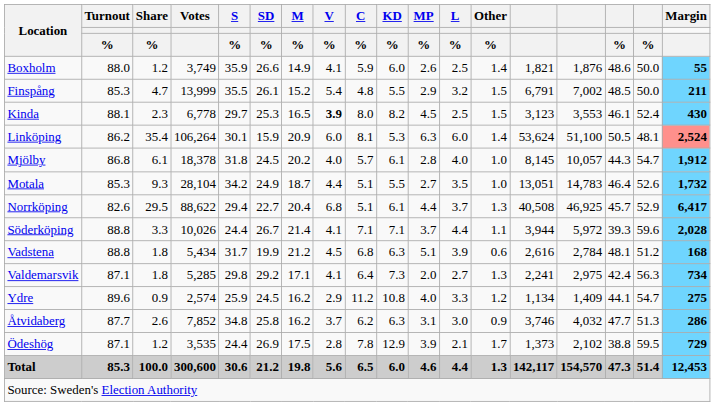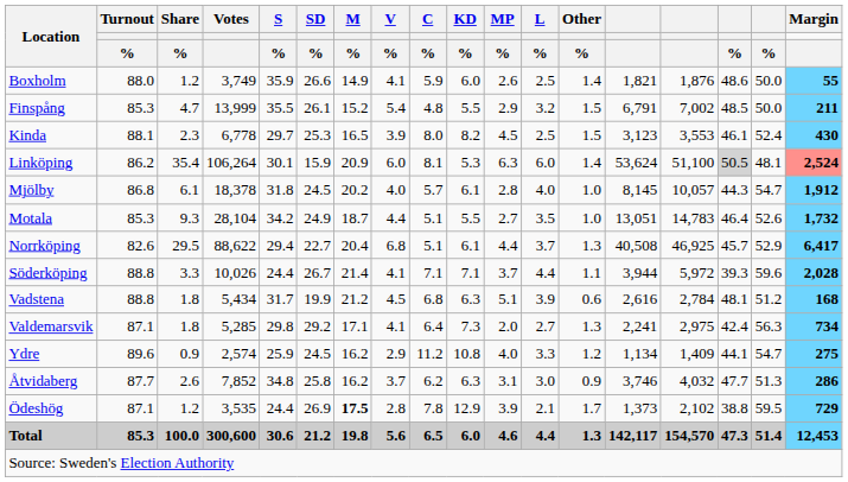 <table class="wikitable sortable" style="text-align:right; font-size:95%; line-height:20px;">
 <tr>
 <th rowspan="3">Location</th>
 <th>Turnout</th>
 <th>Share</th>
 <th>Votes</th>
 <th width="30px" class="unsortable"><a href='#'>S</a></th>
 <th width="30px" class="unsortable"><a href='#'>SD</a></th>
 <th width="30px" class="unsortable"><a href='#'>M</a></th>
 <th width="30px" class="unsortable"><a href='#'>V</a></th>
 <th width="30px" class="unsortable"><a href='#'>C</a></th>
 <th width="30px" class="unsortable"><a href='#'>KD</a></th>
 <th width="30px" class="unsortable"><a href='#'>MP</a></th>
 <th width="30px" class="unsortable"><a href='#'>L</a></th>
 <th width="30px" class="unsortable">Other</th>
 <th></th>
 <th></th>
 <th></th>
 <th></th>
 <th>Margin</th>
 </tr>
 <tr>
 <th></th>
 <th></th>
 <th></th>
 <th style="background:"></th>
 <th style="background:"></th>
 <th style="background:"></th>
 <th style="background:"></th>
 <th style="background:"></th>
 <th style="background:"></th>
 <th style="background:"></th>
 <th style="background:"></th>
 <th style="background:"></th>
 <th style="background:"></th>
 <th style="background:"></th>
 <th style="background:"></th>
 <th style="background:"></th>
 </tr>
 <tr>
 <th data-sort-type="number">%</th>
 <th data-sort-type="number">%</th>
 <th></th>
 <th data-sort-type="number">%</th>
 <th data-sort-type="number">%</th>
 <th data-sort-type="number">%</th>
 <th data-sort-type="number">%</th>
 <th data-sort-type="number">%</th>
 <th data-sort-type="number">%</th>
 <th data-sort-type="number">%</th>
 <th data-sort-type="number">%</th>
 <th data-sort-type="number">%</th>
 <th></th>
 <th></th>
 <th data-sort-type="number">%</th>
 <th data-sort-type="number">%</th>
 <th data-sort-type="number"></th>
 </tr>
 <tr>
 <td align="left"><a href='#'>Boxholm</a></td>
 <td>88.0</td>
 <td>1.2</td>
 <td>3,749</td>
 <td>35.9</td>
 <td>26.6</td>
 <td>14.9</td>
 <td>4.1</td>
 <td>5.9</td>
 <td>6.0</td>
 <td>2.6</td>
 <td>2.5</td>
 <td>1.4</td>
 <td>1,821</td>
 <td>1,876</td>
 <td>48.6</td>
 <td>50.0</td>
 <td bgcolor=#6fd5fe><strong>55</strong></td>
 </tr>
 <tr>
 <td align="left"><a href='#'>Finspång</a></td>
 <td>85.3</td>
 <td>4.7</td>
 <td>13,999</td>
 <td>35.5</td>
 <td>26.1</td>
 <td>15.2</td>
 <td>5.4</td>
 <td>4.8</td>
 <td>5.5</td>
 <td>2.9</td>
 <td>3.2</td>
 <td>1.5</td>
 <td>6,791</td>
 <td>7,002</td>
 <td>48.5</td>
 <td>50.0</td>
 <td bgcolor=#6fd5fe><strong>211</strong></td>
 </tr>
 <tr>
 <td align="left"><a href='#'>Kinda</a></td>
 <td>88.1</td>
 <td>2.3</td>
 <td>6,778</td>
 <td>29.7</td>
 <td>25.3</td>
 <td>16.5</td>
-<td><strong>3.9</strong></td>
+<td>3.9</td>
 <td>8.0</td>
 <td>8.2</td>
 <td>4.5</td>
 <td>2.5</td>
 <td>1.5</td>
 <td>3,123</td>
 <td>3,553</td>
 <td>46.1</td>
 <td>52.4</td>
 <td bgcolor=#6fd5fe><strong>430</strong></td>
 </tr>
 <tr>
 <td align="left"><a href='#'>Linköping</a></td>
 <td>86.2</td>
 <td>35.4</td>
 <td>106,264</td>
 <td>30.1</td>
 <td>15.9</td>
 <td>20.9</td>
 <td>6.0</td>
 <td>8.1</td>
 <td>5.3</td>
 <td>6.3</td>
 <td>6.0</td>
 <td>1.4</td>
 <td>53,624</td>
 <td>51,100</td>
-<td>50.5</td>
+<td style="background: lightgrey;">50.5</td>
 <td>48.1</td>
 <td bgcolor=#ff908c><strong>2,524</strong></td>
 </tr>
 <tr>
 <td align="left"><a href='#'>Mjölby</a></td>
 <td>86.8</td>
 <td>6.1</td>
 <td>18,378</td>
 <td>31.8</td>
 <td>24.5</td>
 <td>20.2</td>
 <td>4.0</td>
 <td>5.7</td>
 <td>6.1</td>
 <td>2.8</td>
 <td>4.0</td>
 <td>1.0</td>
 <td>8,145</td>
 <td>10,057</td>
 <td>44.3</td>
 <td>54.7</td>
 <td bgcolor=#6fd5fe><strong>1,912</strong></td>
 </tr>
 <tr>
 <td align="left"><a href='#'>Motala</a></td>
 <td>85.3</td>
 <td>9.3</td>
 <td>28,104</td>
 <td>34.2</td>
 <td>24.9</td>
 <td>18.7</td>
 <td>4.4</td>
 <td>5.1</td>
 <td>5.5</td>
 <td>2.7</td>
 <td>3.5</td>
 <td>1.0</td>
 <td>13,051</td>
 <td>14,783</td>
 <td>46.4</td>
 <td>52.6</td>
 <td bgcolor=#6fd5fe><strong>1,732</strong></td>
 </tr>
 <tr>
 <td align="left"><a href='#'>Norrköping</a></td>
 <td>82.6</td>
 <td>29.5</td>
 <td>88,622</td>
 <td>29.4</td>
 <td>22.7</td>
 <td>20.4</td>
 <td>6.8</td>
 <td>5.1</td>
 <td>6.1</td>
 <td>4.4</td>
 <td>3.7</td>
 <td>1.3</td>
 <td>40,508</td>
 <td>46,925</td>
 <td>45.7</td>
 <td>52.9</td>
 <td bgcolor=#6fd5fe><strong>6,417</strong></td>
 </tr>
 <tr>
 <td align="left"><a href='#'>Söderköping</a></td>
 <td>88.8</td>
 <td>3.3</td>
 <td>10,026</td>
 <td>24.4</td>
 <td>26.7</td>
 <td>21.4</td>
 <td>4.1</td>
 <td>7.1</td>
 <td>7.1</td>
 <td>3.7</td>
 <td>4.4</td>
 <td>1.1</td>
 <td>3,944</td>
 <td>5,972</td>
 <td>39.3</td>
 <td>59.6</td>
 <td bgcolor=#6fd5fe><strong>2,028</strong></td>
 </tr>
 <tr>
 <td align="left"><a href='#'>Vadstena</a></td>
 <td>88.8</td>
 <td>1.8</td>
 <td>5,434</td>
 <td>31.7</td>
 <td>19.9</td>
 <td>21.2</td>
 <td>4.5</td>
 <td>6.8</td>
 <td>6.3</td>
 <td>5.1</td>
 <td>3.9</td>
 <td>0.6</td>
 <td>2,616</td>
 <td>2,784</td>
 <td>48.1</td>
 <td>51.2</td>
 <td bgcolor=#6fd5fe><strong>168</strong></td>
 </tr>
 <tr>
 <td align="left"><a href='#'>Valdemarsvik</a></td>
 <td>87.1</td>
 <td>1.8</td>
 <td>5,285</td>
 <td>29.8</td>
 <td>29.2</td>
 <td>17.1</td>
 <td>4.1</td>
 <td>6.4</td>
 <td>7.3</td>
 <td>2.0</td>
 <td>2.7</td>
 <td>1.3</td>
 <td>2,241</td>
 <td>2,975</td>
 <td>42.4</td>
 <td>56.3</td>
 <td bgcolor=#6fd5fe><strong>734</strong></td>
 </tr>
 <tr>
 <td align="left"><a href='#'>Ydre</a></td>
 <td>89.6</td>
 <td>0.9</td>
 <td>2,574</td>
 <td>25.9</td>
 <td>24.5</td>
 <td>16.2</td>
 <td>2.9</td>
 <td>11.2</td>
 <td>10.8</td>
 <td>4.0</td>
 <td>3.3</td>
 <td>1.2</td>
 <td>1,134</td>
 <td>1,409</td>
 <td>44.1</td>
 <td>54.7</td>
 <td bgcolor=#6fd5fe><strong>275</strong></td>
 </tr>
 <tr>
 <td align="left"><a href='#'>Åtvidaberg</a></td>
 <td>87.7</td>
 <td>2.6</td>
 <td>7,852</td>
 <td>34.8</td>
 <td>25.8</td>
 <td>16.2</td>
 <td>3.7</td>
 <td>6.2</td>
 <td>6.3</td>
 <td>3.1</td>
 <td>3.0</td>
 <td>0.9</td>
 <td>3,746</td>
 <td>4,032</td>
 <td>47.7</td>
 <td>51.3</td>
 <td bgcolor=#6fd5fe><strong>286</strong></td>
 </tr>
 <tr>
 <td align="left"><a href='#'>Ödeshög</a></td>
 <td>87.1</td>
 <td>1.2</td>
 <td>3,535</td>
 <td>24.4</td>
 <td>26.9</td>
-<td>17.5</td>
+<td><strong>17.5</strong></td>
 <td>2.8</td>
 <td>7.8</td>
 <td>12.9</td>
 <td>3.9</td>
 <td>2.1</td>
 <td>1.7</td>
 <td>1,373</td>
 <td>2,102</td>
 <td>38.8</td>
 <td>59.5</td>
 <td bgcolor=#6fd5fe><strong>729</strong></td>
 </tr>
 <tr style="background:#CDCDCD;">
 <td align="left"><strong>Total</strong></td>
 <td><strong>85.3</strong></td>
 <td><strong>100.0</strong></td>
 <td><strong>300,600</strong></td>
 <td><strong>30.6</strong></td>
 <td><strong>21.2</strong></td>
 <td><strong>19.8</strong></td>
 <td><strong>5.6</strong></td>
 <td><strong>6.5</strong></td>
 <td><strong>6.0</strong></td>
 <td><strong>4.6</strong></td>
 <td><strong>4.4</strong></td>
 <td><strong>1.3</strong></td>
 <td><strong>142,117</strong></td>
 <td><strong>154,570</strong></td>
 <td><strong>47.3</strong></td>
 <td><strong>51.4</strong></td>
 <td bgcolor=#6fd5fe><strong>12,453</strong></td>
 </tr>
 <tr>
 <td colspan="18" align="left">Source: Sweden's <a href='#'>Election Authority</a></td>
 </tr>
 </table>
